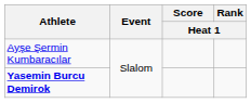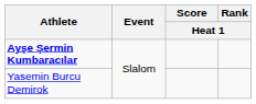 <table class=wikitable style="text-align:center">
 <tr>
 <th width=150 rowspan=2>Athlete</th>
 <th width=70 rowspan=2>Event</th>
 <th width=70>Score</th>
 <th width=40>Rank</th>
 </tr>
 <tr>
 <th width=110 colspan=2>Heat 1</th>
 </tr>
 <tr>
-<td align=left><a href='#'>Ayşe Şermin Kumbaracılar</a></td>
+<td align=left><strong><a href='#'>Ayşe Şermin Kumbaracılar</a></strong></td>
 <td rowspan=2>Slalom</td>
 <td></td>
 <td></td>
 </tr>
 <tr>
-<td align=left><strong><a href='#'>Yasemin Burcu Demirok</a></strong></td>
+<td align=left><a href='#'>Yasemin Burcu Demirok</a></td>
 <td></td>
 <td></td>
 </tr>
 </table>
